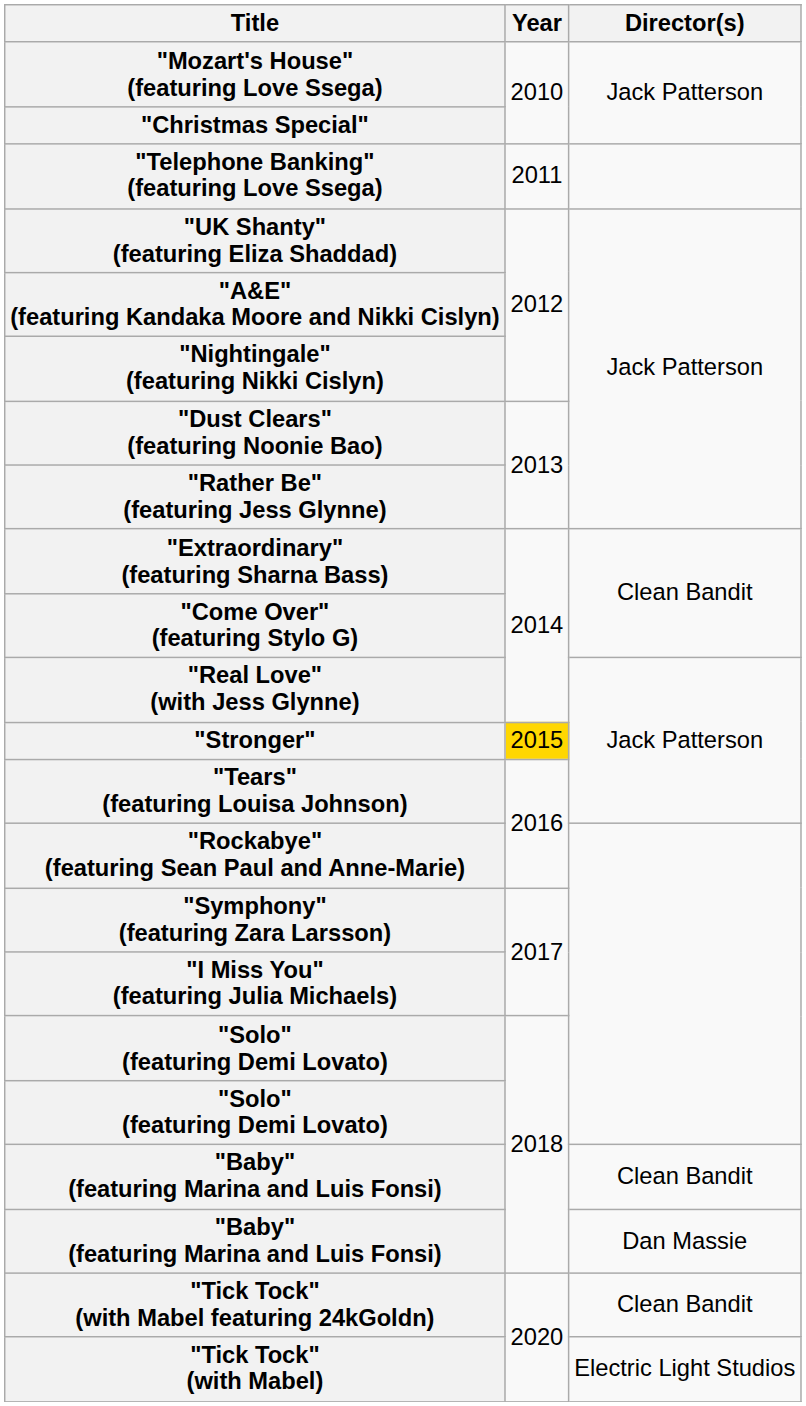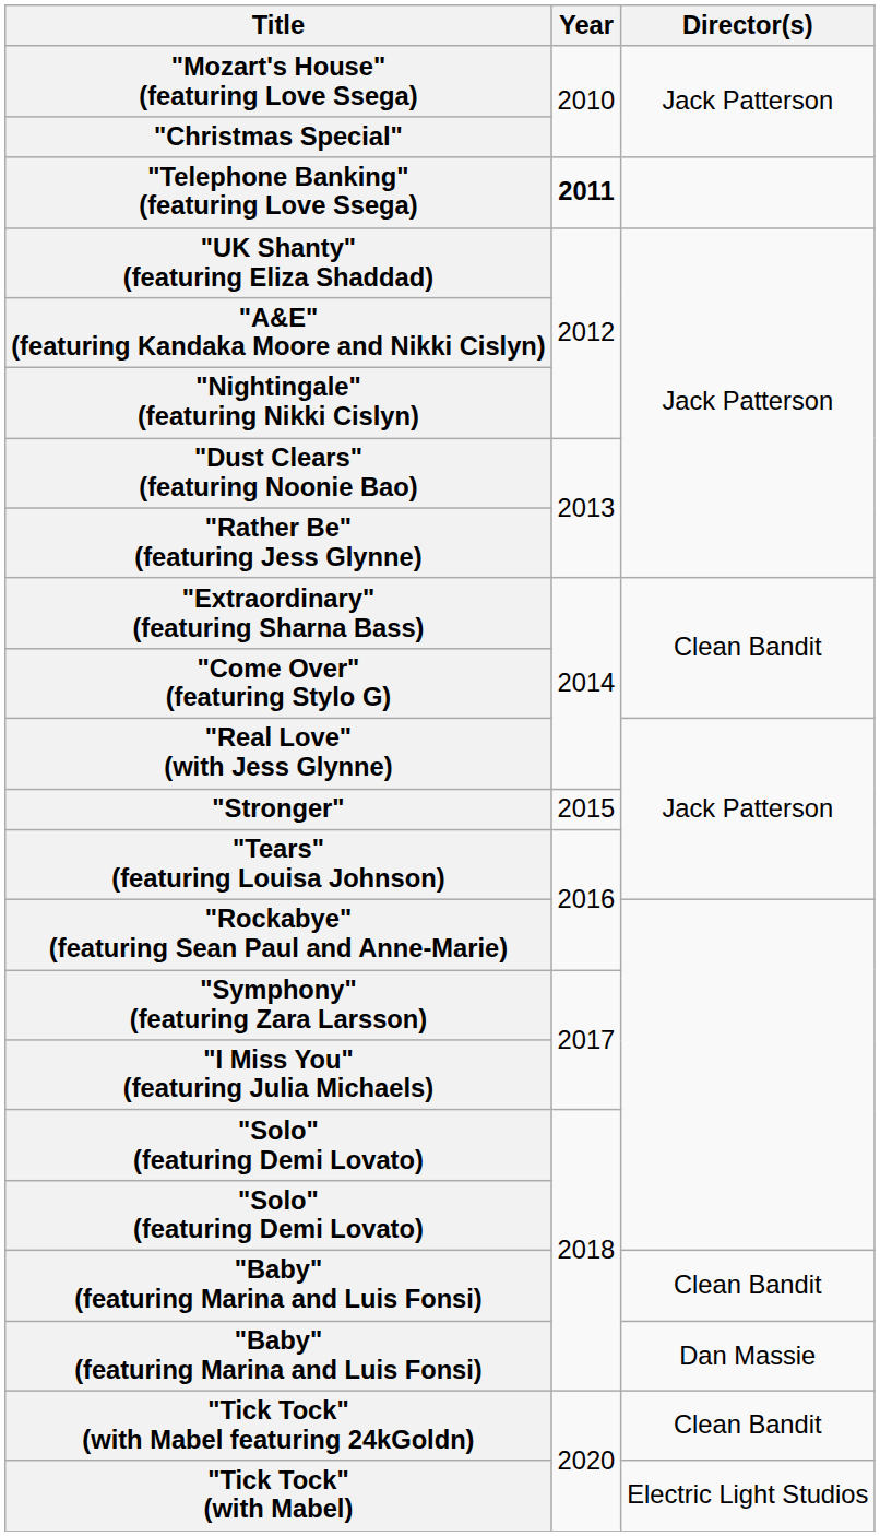 <table class="wikitable plainrowheaders" style="text-align:center;">
 <tr>
 <th scope="col">Title</th>
 <th scope="col">Year</th>
 <th scope="col">Director(s)</th>
 </tr>
 <tr>
 <th scope="row">"Mozart's House" <br><span>(featuring Love Ssega)</span></th>
 <td rowspan="2">2010</td>
 <td rowspan="2">Jack Patterson</td>
 </tr>
 <tr>
 <th scope="row">"Christmas Special"</th>
 </tr>
 <tr>
 <th scope="row">"Telephone Banking" <br><span>(featuring Love Ssega)</span></th>
-<td>2011</td>
+<td><strong>2011</strong></td>
 <td></td>
 </tr>
 <tr>
 <th scope="row">"UK Shanty" <br><span>(featuring Eliza Shaddad)</span></th>
 <td rowspan="3">2012</td>
 <td rowspan="5">Jack Patterson</td>
 </tr>
 <tr>
 <th scope="row">"A&E" <br><span>(featuring Kandaka Moore and Nikki Cislyn)</span></th>
 </tr>
 <tr>
 <th scope="row">"Nightingale" <br><span>(featuring Nikki Cislyn)</span></th>
 </tr>
 <tr>
 <th scope="row">"Dust Clears" <br><span>(featuring Noonie Bao)</span></th>
 <td rowspan="2">2013</td>
 </tr>
 <tr>
 <th scope="row">"Rather Be" <br><span>(featuring Jess Glynne)</span></th>
 </tr>
 <tr>
 <th scope="row">"Extraordinary" <br><span>(featuring Sharna Bass)</span></th>
 <td rowspan="3">2014</td>
 <td rowspan="2">Clean Bandit</td>
 </tr>
 <tr>
 <th scope="row">"Come Over" <br><span>(featuring Stylo G)</span></th>
 </tr>
 <tr>
 <th scope="row">"Real Love" <br><span>(with Jess Glynne)</span></th>
 <td rowspan="3">Jack Patterson</td>
 </tr>
 <tr>
 <th scope="row">"Stronger"</th>
-<td style="background: gold;">2015</td>
+<td>2015</td>
 </tr>
 <tr>
 <th scope="row">"Tears" <br><span>(featuring Louisa Johnson)</span></th>
 <td rowspan="2">2016</td>
 </tr>
 <tr>
 <th scope="row">"Rockabye" <br><span>(featuring Sean Paul and Anne-Marie)</span></th>
 <td rowspan="5"></td>
 </tr>
 <tr>
 <th scope="row">"Symphony" <br><span>(featuring Zara Larsson)</span></th>
 <td rowspan="2">2017</td>
 </tr>
 <tr>
 <th scope="row">"I Miss You" <br><span>(featuring Julia Michaels)</span></th>
 </tr>
 <tr>
 <th scope="row">"Solo" <br><span>(featuring Demi Lovato)</span></th>
 <td rowspan="4">2018</td>
 </tr>
 <tr>
 <th scope="row">"Solo"  <br><span>(featuring Demi Lovato)</span></th>
 </tr>
 <tr>
 <th scope="row">"Baby"<br><span>(featuring Marina and Luis Fonsi)</span></th>
 <td>Clean Bandit</td>
 </tr>
 <tr>
 <th scope="row">"Baby" <br><span>(featuring Marina and Luis Fonsi)</span></th>
 <td>Dan Massie</td>
 </tr>
 <tr>
 <th scope="row">"Tick Tock"<br><span>(with Mabel featuring 24kGoldn)</span></th>
 <td rowspan="2">2020</td>
 <td>Clean Bandit</td>
 </tr>
 <tr>
 <th scope="row">"Tick Tock" <br><span>(with Mabel)</span></th>
 <td>Electric Light Studios</td>
 </tr>
 </table>
